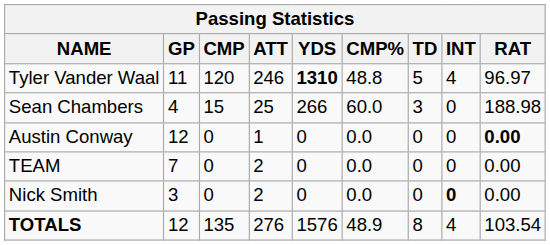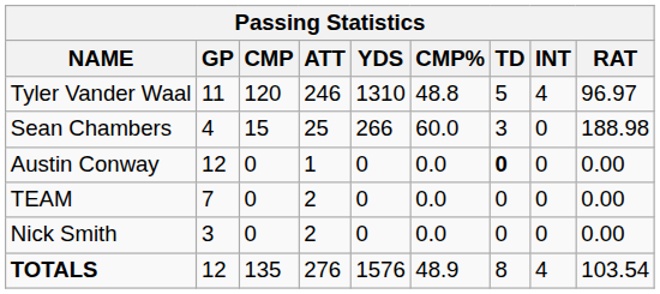 <table class="wikitable sortable collapsible collapsed">
 <tr>
 <th colspan="10">Passing Statistics</th>
 </tr>
 <tr>
 <th>NAME</th>
 <th>GP</th>
 <th>CMP</th>
 <th>ATT</th>
 <th>YDS</th>
 <th>CMP%</th>
 <th>TD</th>
 <th>INT</th>
 <th>RAT</th>
 </tr>
 <tr>
 <td>Tyler Vander Waal</td>
 <td>11</td>
 <td>120</td>
 <td>246</td>
-<td><strong>1310</strong></td>
+<td>1310</td>
 <td>48.8</td>
 <td>5</td>
 <td>4</td>
 <td>96.97</td>
 </tr>
 <tr>
 <td>Sean Chambers</td>
 <td>4</td>
 <td>15</td>
 <td>25</td>
 <td>266</td>
 <td>60.0</td>
 <td>3</td>
 <td>0</td>
 <td>188.98</td>
 </tr>
 <tr>
 <td>Austin Conway</td>
 <td>12</td>
 <td>0</td>
 <td>1</td>
 <td>0</td>
 <td>0.0</td>
+<td><strong>0</strong></td>
 <td>0</td>
-<td>0</td>
-<td><strong>0.00</strong></td>
+<td>0.00</td>
 </tr>
 <tr>
 <td>TEAM</td>
 <td>7</td>
 <td>0</td>
 <td>2</td>
 <td>0</td>
 <td>0.0</td>
 <td>0</td>
 <td>0</td>
 <td>0.00</td>
 </tr>
 <tr>
 <td>Nick Smith</td>
 <td>3</td>
 <td>0</td>
 <td>2</td>
 <td>0</td>
 <td>0.0</td>
 <td>0</td>
-<td><strong>0</strong></td>
+<td>0</td>
 <td>0.00</td>
 </tr>
 <tr>
 <td><strong>TOTALS</strong></td>
 <td>12</td>
 <td>135</td>
 <td>276</td>
 <td>1576</td>
 <td>48.9</td>
 <td>8</td>
 <td>4</td>
 <td>103.54</td>
 </tr>
 </table>
